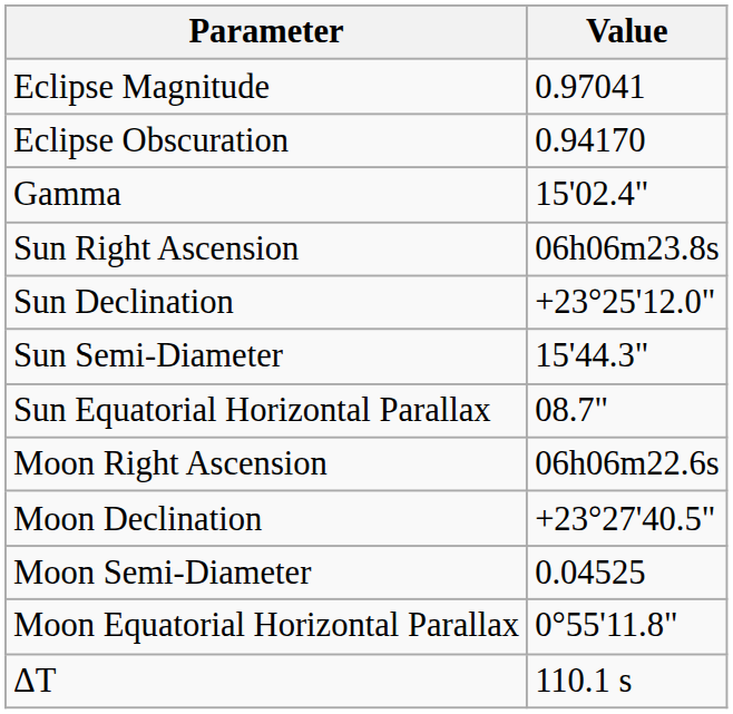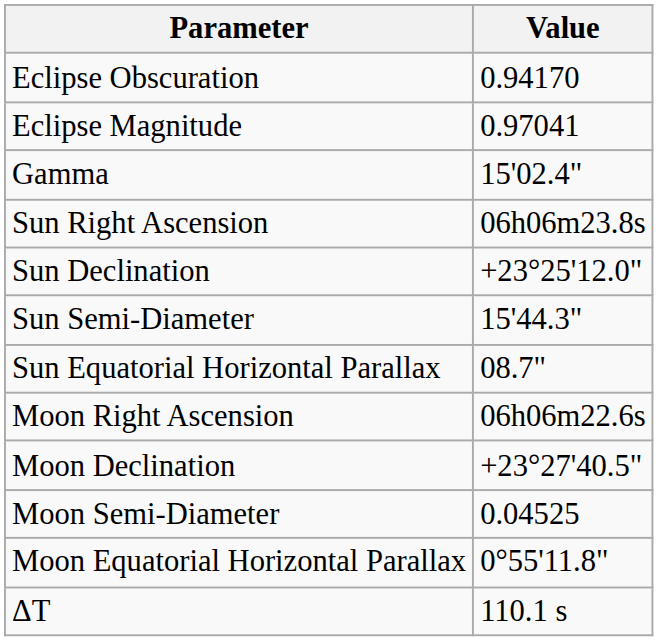 <table class="wikitable">
 <tr>
 <th>Parameter</th>
 <th>Value</th>
 </tr>
 <tr>
+<td>Eclipse Obscuration</td>
+<td>0.94170</td>
+</tr>
+<tr>
 <td>Eclipse Magnitude</td>
 <td>0.97041</td>
-</tr>
-<tr>
-<td>Eclipse Obscuration</td>
-<td>0.94170</td>
 </tr>
 <tr>
 <td>Gamma</td>
 <td>15'02.4"</td>
 </tr>
 <tr>
 <td>Sun Right Ascension</td>
 <td>06h06m23.8s</td>
 </tr>
 <tr>
 <td>Sun Declination</td>
 <td>+23°25'12.0"</td>
 </tr>
 <tr>
 <td>Sun Semi-Diameter</td>
 <td>15'44.3"</td>
 </tr>
 <tr>
 <td>Sun Equatorial Horizontal Parallax</td>
 <td>08.7"</td>
 </tr>
 <tr>
 <td>Moon Right Ascension</td>
 <td>06h06m22.6s</td>
 </tr>
 <tr>
 <td>Moon Declination</td>
 <td>+23°27'40.5"</td>
 </tr>
 <tr>
 <td>Moon Semi-Diameter</td>
 <td>0.04525</td>
 </tr>
 <tr>
 <td>Moon Equatorial Horizontal Parallax</td>
 <td>0°55'11.8"</td>
 </tr>
 <tr>
 <td>ΔT</td>
 <td>110.1 s</td>
 </tr>
 </table>
